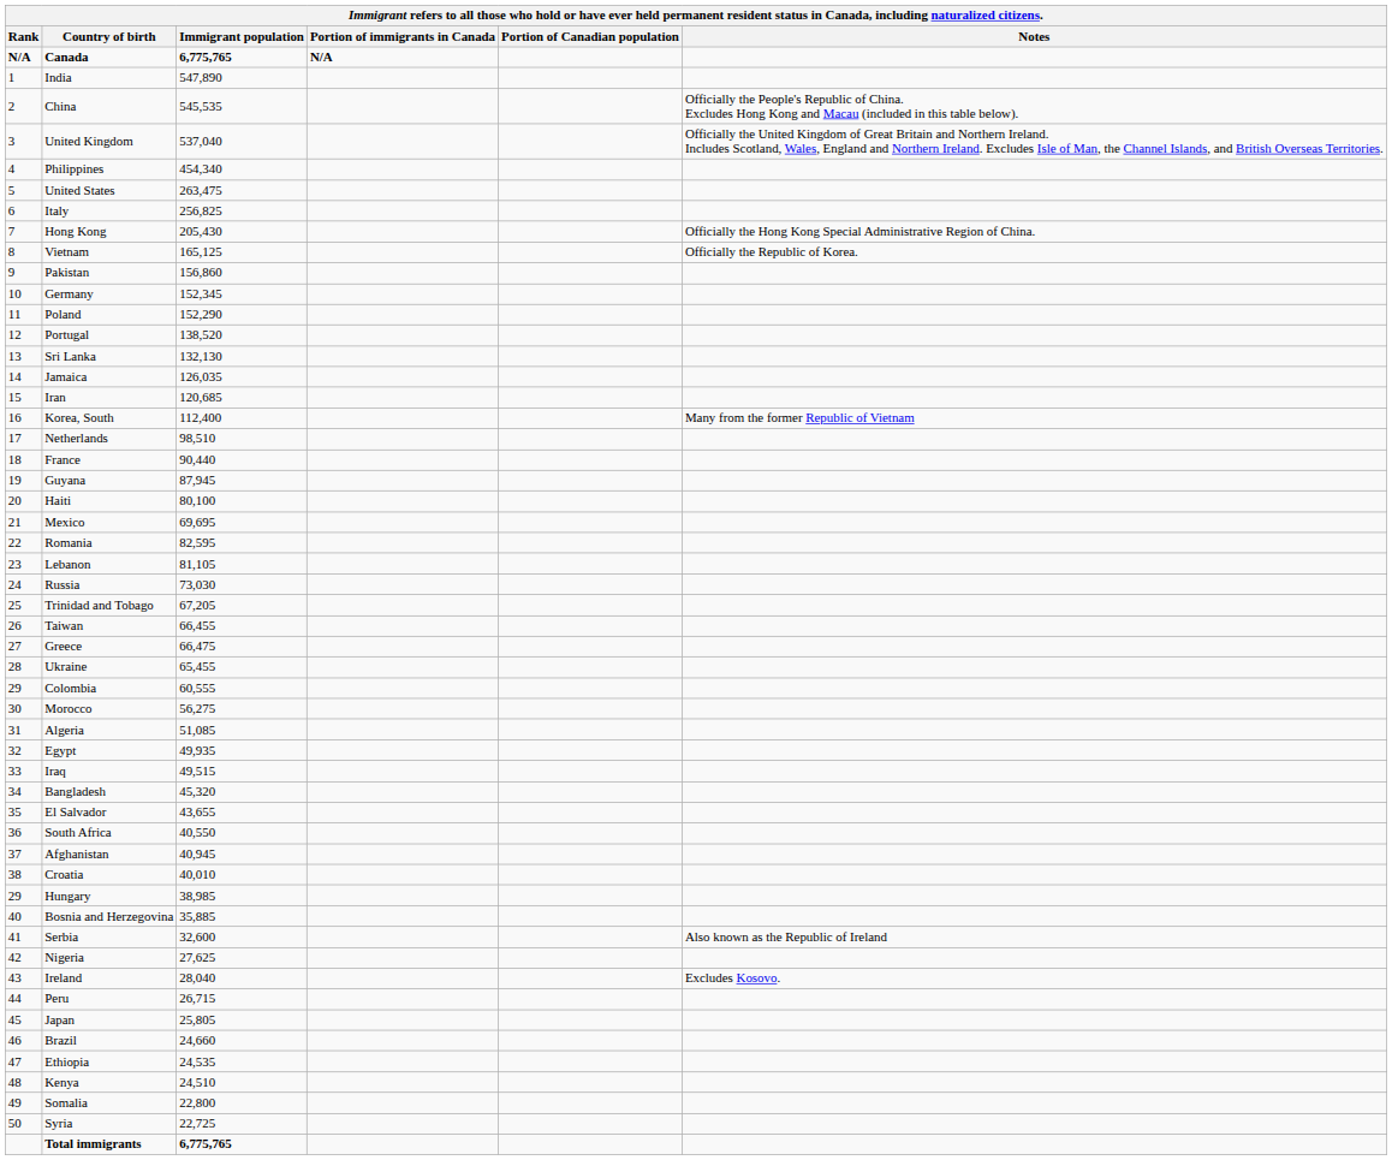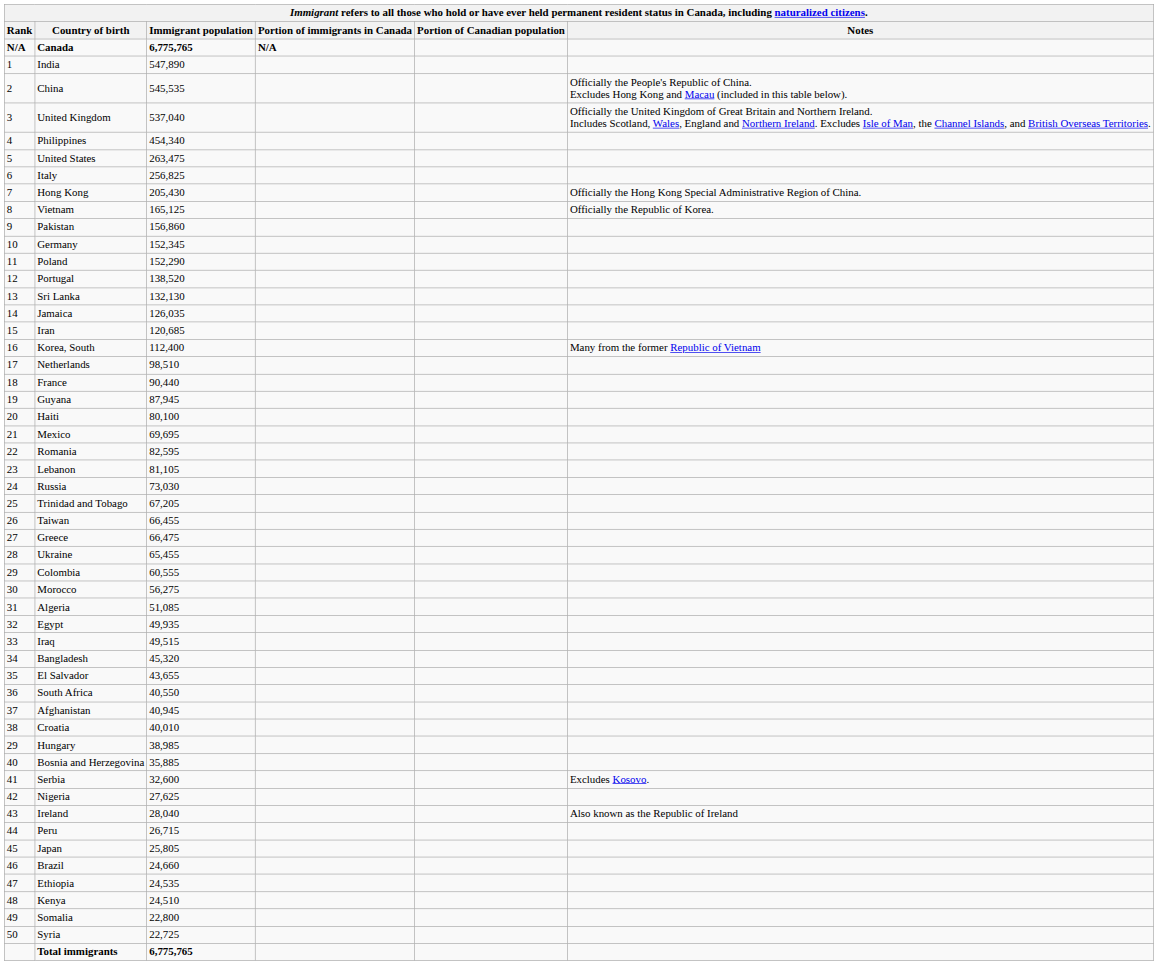 <table class="wikitable sortable">
 <tr>
 <th colspan="6"><em>Immigrant</em> refers to all those who hold or have ever held permanent resident status in Canada, including <a href='#'>naturalized citizens</a>.</th>
 </tr>
 <tr>
 <th>Rank</th>
 <th>Country of birth</th>
 <th>Immigrant population</th>
 <th>Portion of immigrants in Canada</th>
 <th>Portion of Canadian population</th>
 <th>Notes</th>
 </tr>
 <tr>
 <td><strong>N/A</strong></td>
 <td><strong>Canada</strong></td>
 <td><strong>6,775,765</strong></td>
 <td><strong>N/A</strong></td>
 <td><strong></strong></td>
 <td></td>
 </tr>
 <tr>
 <td>1</td>
 <td>India</td>
 <td>547,890</td>
 <td></td>
 <td></td>
 <td></td>
 </tr>
 <tr>
 <td>2</td>
 <td>China</td>
 <td>545,535</td>
 <td></td>
 <td></td>
 <td>Officially the People's Republic of China.<br>Excludes Hong Kong and <a href='#'>Macau</a> (included in this table below).</td>
 </tr>
 <tr>
 <td>3</td>
 <td>United Kingdom</td>
 <td>537,040</td>
 <td></td>
 <td></td>
 <td>Officially the United Kingdom of Great Britain and Northern Ireland.<br>Includes Scotland, <a href='#'>Wales</a>, England and <a href='#'>Northern Ireland</a>. Excludes <a href='#'>Isle of Man</a>, the <a href='#'>Channel Islands</a>, and <a href='#'>British Overseas Territories</a>.</td>
 </tr>
 <tr>
 <td>4</td>
 <td>Philippines</td>
 <td>454,340</td>
 <td></td>
 <td></td>
 <td></td>
 </tr>
 <tr>
 <td>5</td>
 <td>United States</td>
 <td>263,475</td>
 <td></td>
 <td></td>
 <td></td>
 </tr>
 <tr>
 <td>6</td>
 <td>Italy</td>
 <td>256,825</td>
 <td></td>
 <td></td>
 <td></td>
 </tr>
 <tr>
 <td>7</td>
 <td>Hong Kong</td>
 <td>205,430</td>
 <td></td>
 <td></td>
 <td>Officially the Hong Kong Special Administrative Region of China.</td>
 </tr>
 <tr>
 <td>8</td>
 <td>Vietnam</td>
 <td>165,125</td>
 <td></td>
 <td></td>
 <td>Officially the Republic of Korea.</td>
 </tr>
 <tr>
 <td>9</td>
 <td>Pakistan</td>
 <td>156,860</td>
 <td></td>
 <td></td>
 <td></td>
 </tr>
 <tr>
 <td>10</td>
 <td>Germany</td>
 <td>152,345</td>
 <td></td>
 <td></td>
 <td></td>
 </tr>
 <tr>
 <td>11</td>
 <td>Poland</td>
 <td>152,290</td>
 <td></td>
 <td></td>
 <td></td>
 </tr>
 <tr>
 <td>12</td>
 <td>Portugal</td>
 <td>138,520</td>
 <td></td>
 <td></td>
 <td></td>
 </tr>
 <tr>
 <td>13</td>
 <td>Sri Lanka</td>
 <td>132,130</td>
 <td></td>
 <td></td>
 <td></td>
 </tr>
 <tr>
 <td>14</td>
 <td>Jamaica</td>
 <td>126,035</td>
 <td></td>
 <td></td>
 <td></td>
 </tr>
 <tr>
 <td>15</td>
 <td>Iran</td>
 <td>120,685</td>
 <td></td>
 <td></td>
 <td></td>
 </tr>
 <tr>
 <td>16</td>
 <td>Korea, South</td>
 <td>112,400</td>
 <td></td>
 <td></td>
 <td>Many from the former <a href='#'>Republic of Vietnam</a></td>
 </tr>
 <tr>
 <td>17</td>
 <td>Netherlands</td>
 <td>98,510</td>
 <td></td>
 <td></td>
 <td></td>
 </tr>
 <tr>
 <td>18</td>
 <td>France</td>
 <td>90,440</td>
 <td></td>
 <td></td>
 <td></td>
 </tr>
 <tr>
 <td>19</td>
 <td>Guyana</td>
 <td>87,945</td>
 <td></td>
 <td></td>
 <td></td>
 </tr>
 <tr>
 <td>20</td>
 <td>Haiti</td>
 <td>80,100</td>
 <td></td>
 <td></td>
 <td></td>
 </tr>
 <tr>
 <td>21</td>
 <td>Mexico</td>
 <td>69,695</td>
 <td></td>
 <td></td>
 <td></td>
 </tr>
 <tr>
 <td>22</td>
 <td>Romania</td>
 <td>82,595</td>
 <td></td>
 <td></td>
 <td></td>
 </tr>
 <tr>
 <td>23</td>
 <td>Lebanon</td>
 <td>81,105</td>
 <td></td>
 <td></td>
 <td></td>
 </tr>
 <tr>
 <td>24</td>
 <td>Russia</td>
 <td>73,030</td>
 <td></td>
 <td></td>
 <td></td>
 </tr>
 <tr>
 <td>25</td>
 <td>Trinidad and Tobago</td>
 <td>67,205</td>
 <td></td>
 <td></td>
 <td></td>
 </tr>
 <tr>
 <td>26</td>
 <td>Taiwan</td>
 <td>66,455</td>
 <td></td>
 <td></td>
 <td></td>
 </tr>
 <tr>
 <td>27</td>
 <td>Greece</td>
 <td>66,475</td>
 <td></td>
 <td></td>
 <td></td>
 </tr>
 <tr>
 <td>28</td>
 <td>Ukraine</td>
 <td>65,455</td>
 <td></td>
 <td></td>
 <td></td>
 </tr>
 <tr>
 <td>29</td>
 <td>Colombia</td>
 <td>60,555</td>
 <td></td>
 <td></td>
 <td></td>
 </tr>
 <tr>
 <td>30</td>
 <td>Morocco</td>
 <td>56,275</td>
 <td></td>
 <td></td>
 <td></td>
 </tr>
 <tr>
 <td>31</td>
 <td>Algeria</td>
 <td>51,085</td>
 <td></td>
 <td></td>
 <td></td>
 </tr>
 <tr>
 <td>32</td>
 <td>Egypt</td>
 <td>49,935</td>
 <td></td>
 <td></td>
 <td></td>
 </tr>
 <tr>
 <td>33</td>
 <td>Iraq</td>
 <td>49,515</td>
 <td></td>
 <td></td>
 <td></td>
 </tr>
 <tr>
 <td>34</td>
 <td>Bangladesh</td>
 <td>45,320</td>
 <td></td>
 <td></td>
 <td></td>
 </tr>
 <tr>
 <td>35</td>
 <td>El Salvador</td>
 <td>43,655</td>
 <td></td>
 <td></td>
 <td></td>
 </tr>
 <tr>
 <td>36</td>
 <td>South Africa</td>
 <td>40,550</td>
 <td></td>
 <td></td>
 <td></td>
 </tr>
 <tr>
 <td>37</td>
 <td>Afghanistan</td>
 <td>40,945</td>
 <td></td>
 <td></td>
 <td></td>
 </tr>
 <tr>
 <td>38</td>
 <td>Croatia</td>
 <td>40,010</td>
 <td></td>
 <td></td>
 <td></td>
 </tr>
 <tr>
 <td>29</td>
 <td>Hungary</td>
 <td>38,985</td>
 <td></td>
 <td></td>
 <td></td>
 </tr>
 <tr>
 <td>40</td>
 <td>Bosnia and Herzegovina</td>
 <td>35,885</td>
 <td></td>
 <td></td>
 <td></td>
 </tr>
 <tr>
 <td>41</td>
 <td>Serbia</td>
 <td>32,600</td>
 <td></td>
 <td></td>
-<td>Also known as the Republic of Ireland</td>
+<td>Excludes <a href='#'>Kosovo</a>.</td>
 </tr>
 <tr>
 <td>42</td>
 <td>Nigeria</td>
 <td>27,625</td>
 <td></td>
 <td></td>
 <td></td>
 </tr>
 <tr>
 <td>43</td>
 <td>Ireland</td>
 <td>28,040</td>
 <td></td>
 <td></td>
-<td>Excludes <a href='#'>Kosovo</a>.</td>
+<td>Also known as the Republic of Ireland</td>
 </tr>
 <tr>
 <td>44</td>
 <td>Peru</td>
 <td>26,715</td>
 <td></td>
 <td></td>
 <td></td>
 </tr>
 <tr>
 <td>45</td>
 <td>Japan</td>
 <td>25,805</td>
 <td></td>
 <td></td>
 <td></td>
 </tr>
 <tr>
 <td>46</td>
 <td>Brazil</td>
 <td>24,660</td>
 <td></td>
 <td></td>
 <td></td>
 </tr>
 <tr>
 <td>47</td>
 <td>Ethiopia</td>
 <td>24,535</td>
 <td></td>
 <td></td>
 <td></td>
 </tr>
 <tr>
 <td>48</td>
 <td>Kenya</td>
 <td>24,510</td>
 <td></td>
 <td></td>
 <td></td>
 </tr>
 <tr>
 <td>49</td>
 <td>Somalia</td>
 <td>22,800</td>
 <td></td>
 <td></td>
 <td></td>
 </tr>
 <tr>
 <td>50</td>
 <td>Syria</td>
 <td>22,725</td>
 <td></td>
 <td></td>
 <td></td>
 </tr>
 <tr>
 <td></td>
 <td><strong>Total immigrants</strong></td>
 <td><strong>6,775,765</strong></td>
 <td><strong></strong></td>
 <td><strong></strong></td>
 </tr>
 </table>
